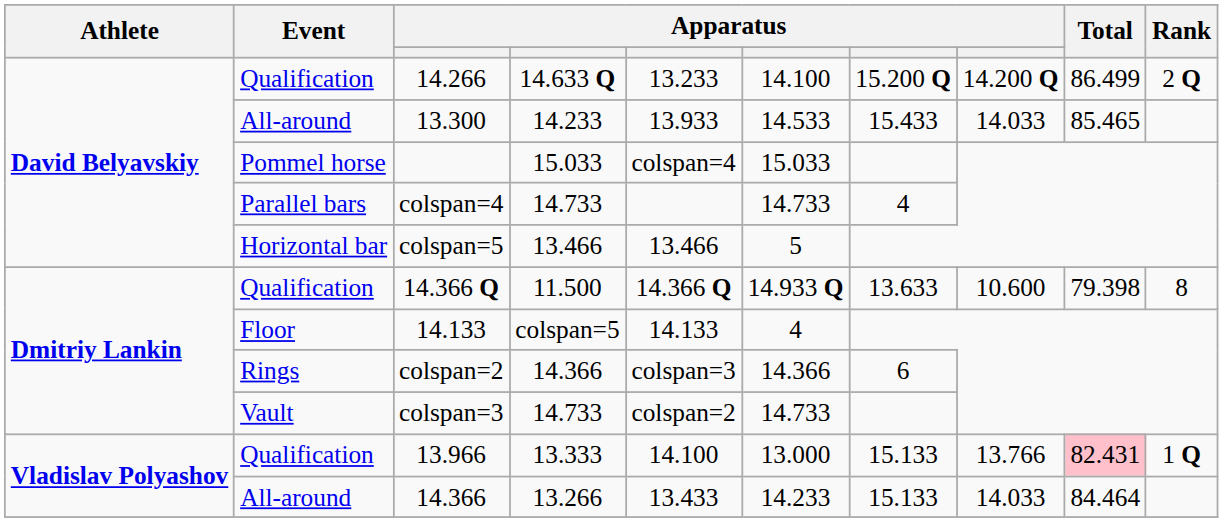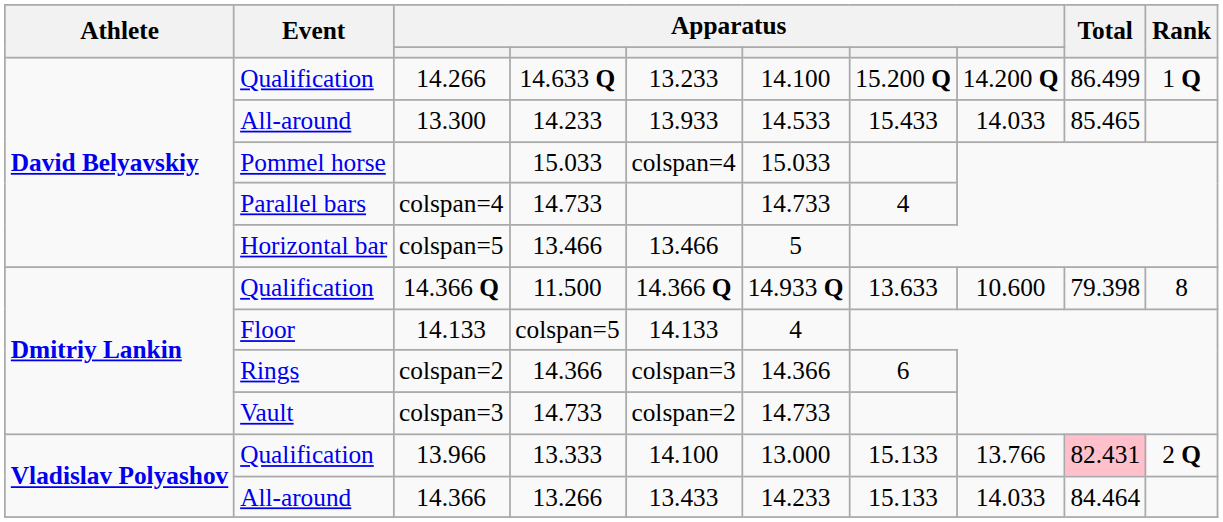 <table class="wikitable" style="text-align:center; font-size:90%">
 <tr>
 <th rowspan=2>Athlete</th>
 <th rowspan=2>Event</th>
 <th colspan=6>Apparatus</th>
 <th rowspan=2>Total</th>
 <th rowspan=2>Rank</th>
 </tr>
 <tr style="font-size:95%">
 <th></th>
 <th></th>
 <th></th>
 <th></th>
 <th></th>
 <th></th>
 </tr>
 <tr>
 <td rowspan=5 align=left><strong><a href='#'>David Belyavskiy</a></strong></td>
 <td align=left><a href='#'>Qualification</a></td>
 <td>14.266</td>
 <td>14.633 <strong>Q</strong></td>
 <td>13.233</td>
 <td>14.100</td>
 <td>15.200 <strong>Q</strong></td>
 <td>14.200 <strong>Q</strong></td>
 <td>86.499</td>
-<td>2 <strong>Q</strong></td>
+<td>1 <strong>Q</strong></td>
 </tr>
 <tr>
 <td align=left><a href='#'>All-around</a></td>
 <td>13.300</td>
 <td>14.233</td>
 <td>13.933</td>
 <td>14.533</td>
 <td>15.433</td>
 <td>14.033</td>
 <td>85.465</td>
 <td></td>
 </tr>
 <tr>
 <td align=left><a href='#'>Pommel horse</a></td>
 <td></td>
 <td>15.033</td>
 <td>colspan=4 </td>
 <td>15.033</td>
 <td></td>
 </tr>
 <tr>
 <td align=left><a href='#'>Parallel bars</a></td>
 <td>colspan=4 </td>
 <td>14.733</td>
 <td></td>
 <td>14.733</td>
 <td>4</td>
 </tr>
 <tr>
 <td align=left><a href='#'>Horizontal bar</a></td>
 <td>colspan=5 </td>
 <td>13.466</td>
 <td>13.466</td>
 <td>5</td>
 </tr>
 <tr>
 <td rowspan=4 align=left><strong><a href='#'>Dmitriy Lankin</a></strong></td>
 <td align=left><a href='#'>Qualification</a></td>
 <td>14.366 <strong>Q</strong></td>
 <td>11.500</td>
 <td>14.366 <strong>Q</strong></td>
 <td>14.933 <strong>Q</strong></td>
 <td>13.633</td>
 <td>10.600</td>
 <td>79.398</td>
 <td>8</td>
 </tr>
 <tr>
 <td align=left><a href='#'>Floor</a></td>
 <td>14.133</td>
 <td>colspan=5 </td>
 <td>14.133</td>
 <td>4</td>
 </tr>
 <tr>
 <td align=left><a href='#'>Rings</a></td>
 <td>colspan=2 </td>
 <td>14.366</td>
 <td>colspan=3 </td>
 <td>14.366</td>
 <td>6</td>
 </tr>
 <tr>
 <td align=left><a href='#'>Vault</a></td>
 <td>colspan=3 </td>
 <td>14.733</td>
 <td>colspan=2 </td>
 <td>14.733</td>
 <td></td>
 </tr>
 <tr>
 <td rowspan=2 align=left><strong><a href='#'>Vladislav Polyashov</a></strong></td>
 <td align=left><a href='#'>Qualification</a></td>
 <td>13.966</td>
 <td>13.333</td>
 <td>14.100</td>
 <td>13.000</td>
 <td>15.133</td>
 <td>13.766</td>
 <td style="background: pink;">82.431</td>
-<td>1 <strong>Q</strong></td>
+<td>2 <strong>Q</strong></td>
 </tr>
 <tr>
 <td align=left><a href='#'>All-around</a></td>
 <td>14.366</td>
 <td>13.266</td>
 <td>13.433</td>
 <td>14.233</td>
 <td>15.133</td>
 <td>14.033</td>
 <td>84.464</td>
 <td></td>
 </tr>
 </table>
